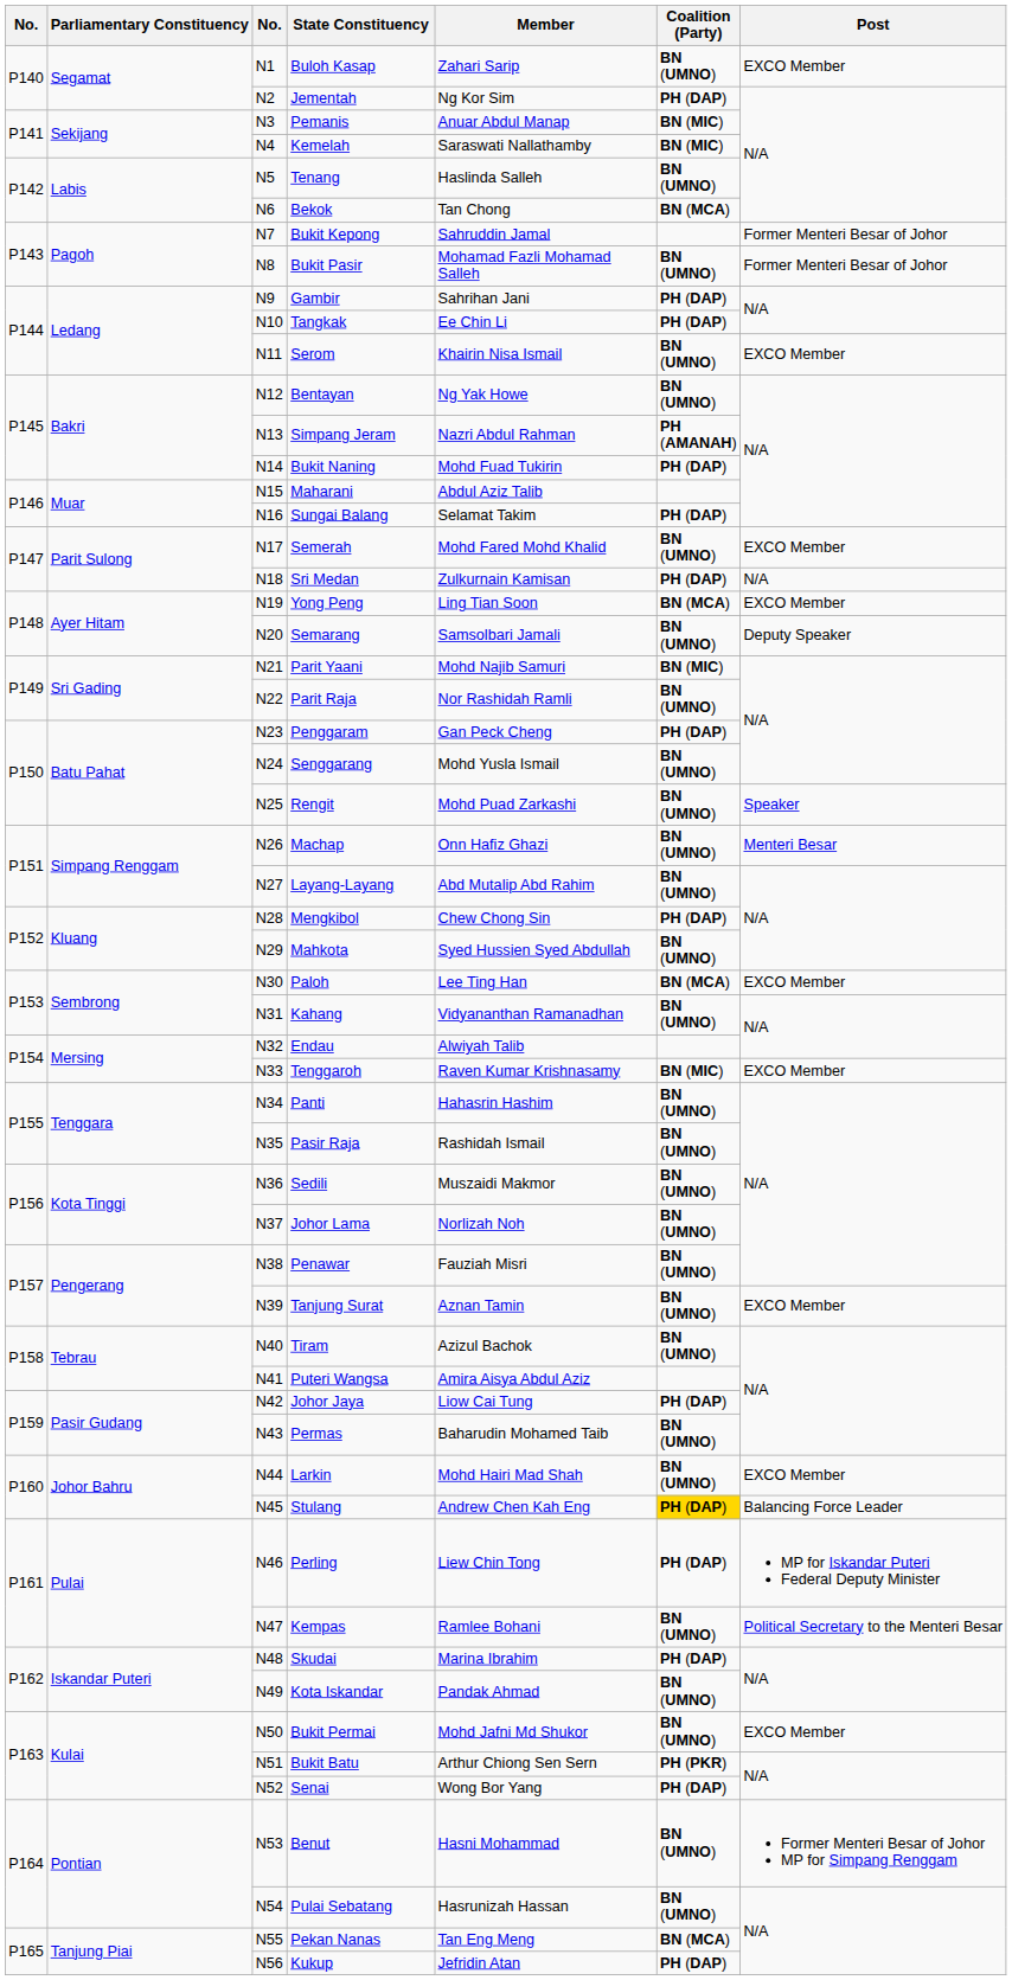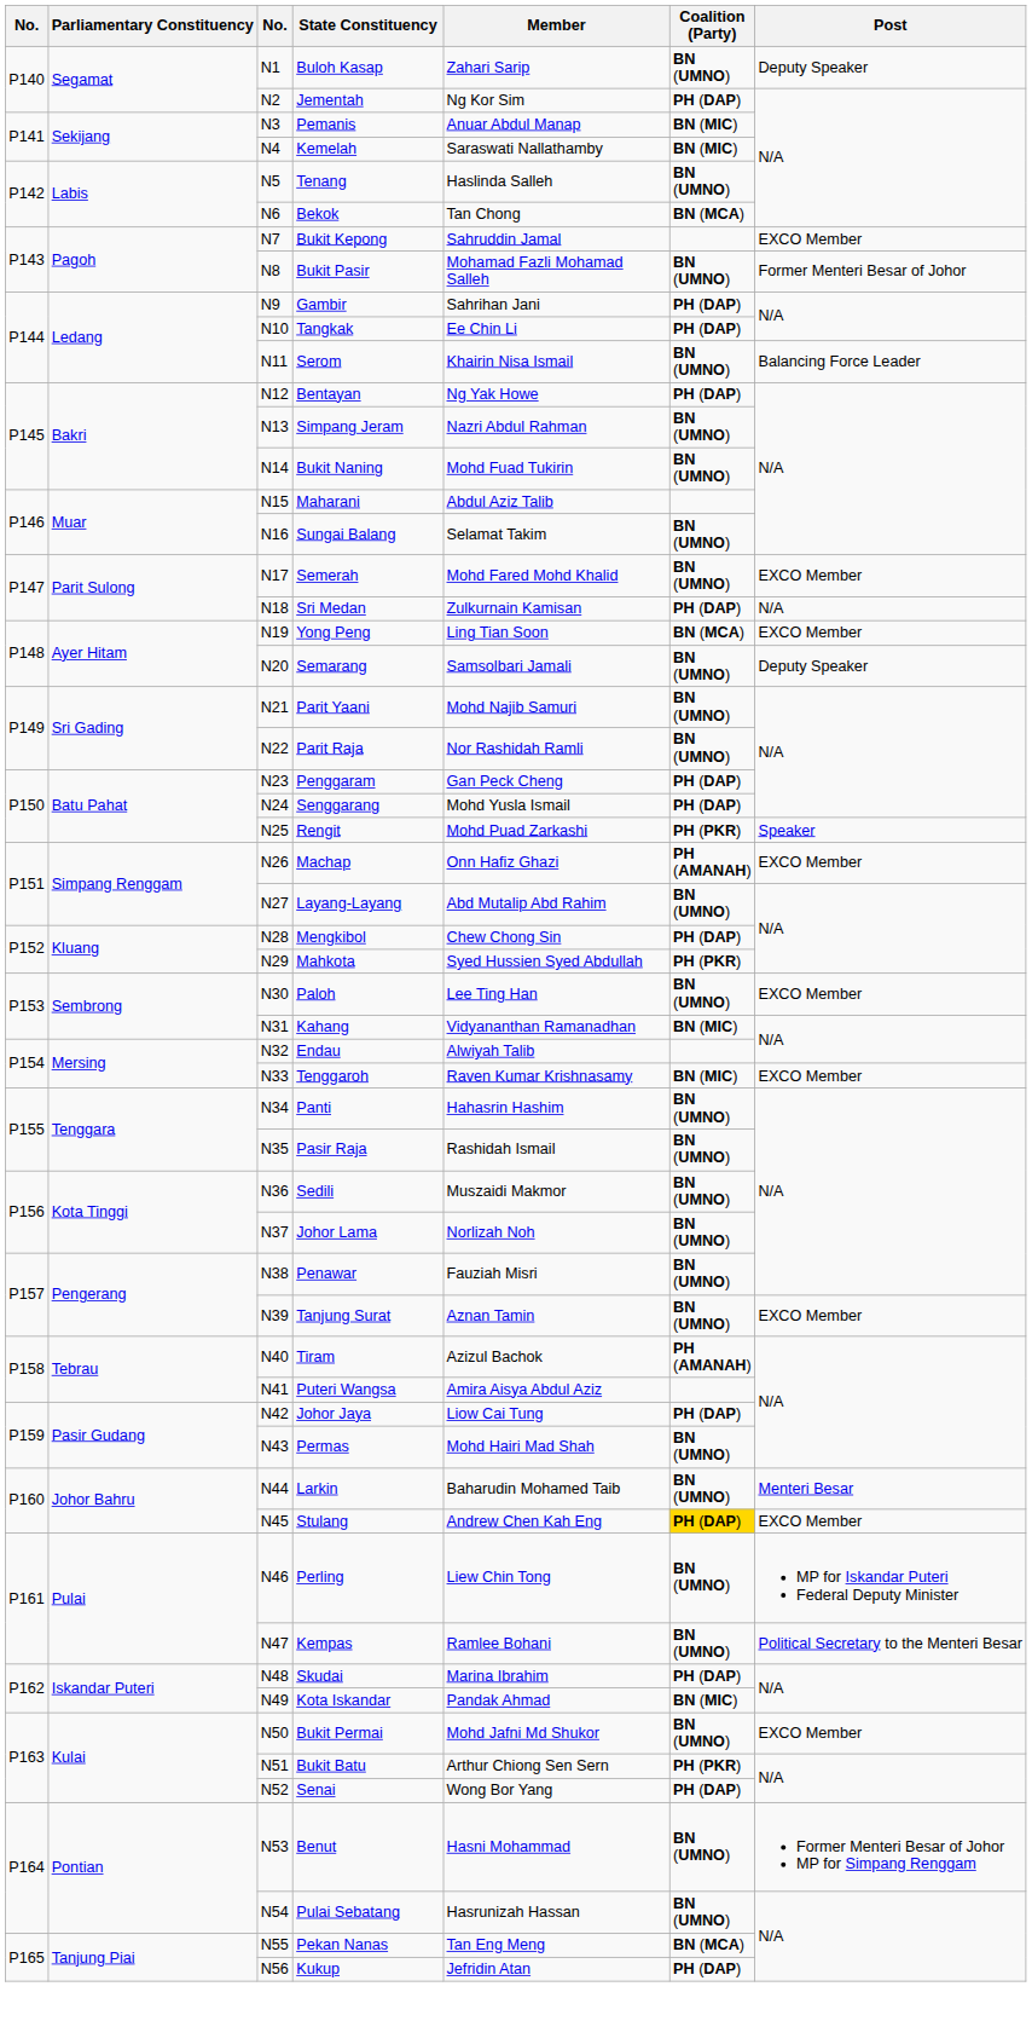 <table class="wikitable sortable">
 <tr>
 <th>No.</th>
 <th>Parliamentary Constituency</th>
 <th width="30">No.</th>
 <th width="150">State Constituency</th>
 <th width="230">Member</th>
 <th width="80">Coalition (Party)</th>
 <th>Post</th>
 </tr>
 <tr>
 <td rowspan="2">P140</td>
 <td rowspan="2"><a href='#'>Segamat</a></td>
 <td>N1</td>
 <td><a href='#'>Buloh Kasap</a></td>
 <td><a href='#'>Zahari Sarip</a></td>
 <td><strong>BN</strong> (<strong>UMNO</strong>)</td>
-<td>EXCO Member</td>
+<td>Deputy Speaker</td>
 </tr>
 <tr>
 <td>N2</td>
 <td><a href='#'>Jementah</a></td>
 <td>Ng Kor Sim</td>
 <td><strong>PH</strong> (<strong>DAP</strong>)</td>
 <td rowspan="5">N/A</td>
 </tr>
 <tr>
 <td rowspan="2">P141</td>
 <td rowspan="2"><a href='#'>Sekijang</a></td>
 <td>N3</td>
 <td><a href='#'>Pemanis</a></td>
 <td><a href='#'>Anuar Abdul Manap</a></td>
 <td><strong>BN</strong> (<strong>MIC</strong>)</td>
 </tr>
 <tr>
 <td>N4</td>
 <td><a href='#'>Kemelah</a></td>
 <td>Saraswati Nallathamby</td>
 <td><strong>BN</strong> (<strong>MIC</strong>)</td>
 </tr>
 <tr>
 <td rowspan="2">P142</td>
 <td rowspan="2"><a href='#'>Labis</a></td>
 <td>N5</td>
 <td><a href='#'>Tenang</a></td>
 <td>Haslinda Salleh</td>
 <td><strong>BN</strong> (<strong>UMNO</strong>)</td>
 </tr>
 <tr>
 <td>N6</td>
 <td><a href='#'>Bekok</a></td>
 <td>Tan Chong</td>
 <td><strong>BN</strong> (<strong>MCA</strong>)</td>
 </tr>
 <tr>
 <td rowspan="2">P143</td>
 <td rowspan="2"><a href='#'>Pagoh</a></td>
 <td>N7</td>
 <td><a href='#'>Bukit Kepong</a></td>
 <td><a href='#'>Sahruddin Jamal</a></td>
 <td></td>
-<td>Former Menteri Besar of Johor</td>
+<td>EXCO Member</td>
 </tr>
 <tr>
 <td>N8</td>
 <td><a href='#'>Bukit Pasir</a></td>
 <td><a href='#'>Mohamad Fazli Mohamad Salleh</a></td>
 <td><strong>BN</strong> (<strong>UMNO</strong>)</td>
 <td>Former Menteri Besar of Johor</td>
 </tr>
 <tr>
 <td rowspan="3">P144</td>
 <td rowspan="3"><a href='#'>Ledang</a></td>
 <td>N9</td>
 <td><a href='#'>Gambir</a></td>
 <td>Sahrihan Jani</td>
 <td><strong>PH</strong> (<strong>DAP</strong>)</td>
 <td rowspan="2">N/A</td>
 </tr>
 <tr>
 <td>N10</td>
 <td><a href='#'>Tangkak</a></td>
 <td><a href='#'>Ee Chin Li</a></td>
 <td><strong>PH</strong> (<strong>DAP</strong>)</td>
 </tr>
 <tr>
 <td>N11</td>
 <td><a href='#'>Serom</a></td>
 <td><a href='#'>Khairin Nisa Ismail</a></td>
 <td><strong>BN</strong> (<strong>UMNO</strong>)</td>
-<td>EXCO Member</td>
+<td>Balancing Force Leader</td>
 </tr>
 <tr>
 <td rowspan="3">P145</td>
 <td rowspan="3"><a href='#'>Bakri</a></td>
 <td>N12</td>
 <td><a href='#'>Bentayan</a></td>
 <td><a href='#'>Ng Yak Howe</a></td>
-<td><strong>BN</strong> (<strong>UMNO</strong>)</td>
+<td><strong>PH</strong> (<strong>DAP</strong>)</td>
 <td rowspan="5">N/A</td>
 </tr>
 <tr>
 <td>N13</td>
 <td><a href='#'>Simpang Jeram</a></td>
 <td><a href='#'>Nazri Abdul Rahman</a></td>
-<td><strong>PH</strong> (<strong>AMANAH</strong>)</td>
+<td><strong>BN</strong> (<strong>UMNO</strong>)</td>
 </tr>
 <tr>
 <td>N14</td>
 <td><a href='#'>Bukit Naning</a></td>
 <td><a href='#'>Mohd Fuad Tukirin</a></td>
-<td><strong>PH</strong> (<strong>DAP</strong>)</td>
+<td><strong>BN</strong> (<strong>UMNO</strong>)</td>
 </tr>
 <tr>
 <td rowspan="2">P146</td>
 <td rowspan="2"><a href='#'>Muar</a></td>
 <td>N15</td>
 <td><a href='#'>Maharani</a></td>
 <td><a href='#'>Abdul Aziz Talib</a></td>
 <td></td>
 </tr>
 <tr>
 <td>N16</td>
 <td><a href='#'>Sungai Balang</a></td>
 <td>Selamat Takim</td>
-<td><strong>PH</strong> (<strong>DAP</strong>)</td>
+<td><strong>BN</strong> (<strong>UMNO</strong>)</td>
 </tr>
 <tr>
 <td rowspan="2">P147</td>
 <td rowspan="2"><a href='#'>Parit Sulong</a></td>
 <td>N17</td>
 <td><a href='#'>Semerah</a></td>
 <td><a href='#'>Mohd Fared Mohd Khalid</a></td>
 <td><strong>BN</strong> (<strong>UMNO</strong>)</td>
 <td>EXCO Member</td>
 </tr>
 <tr>
 <td>N18</td>
 <td><a href='#'>Sri Medan</a></td>
 <td><a href='#'>Zulkurnain Kamisan</a></td>
 <td><strong>PH</strong> (<strong>DAP</strong>)</td>
 <td>N/A</td>
 </tr>
 <tr>
 <td rowspan="2">P148</td>
 <td rowspan="2"><a href='#'>Ayer Hitam</a></td>
 <td>N19</td>
 <td><a href='#'>Yong Peng</a></td>
 <td><a href='#'>Ling Tian Soon</a></td>
 <td><strong>BN</strong> (<strong>MCA</strong>)</td>
 <td>EXCO Member</td>
 </tr>
 <tr>
 <td>N20</td>
 <td><a href='#'>Semarang</a></td>
 <td><a href='#'>Samsolbari Jamali</a></td>
 <td><strong>BN</strong> (<strong>UMNO</strong>)</td>
 <td>Deputy Speaker</td>
 </tr>
 <tr>
 <td rowspan="2">P149</td>
 <td rowspan="2"><a href='#'>Sri Gading</a></td>
 <td>N21</td>
 <td><a href='#'>Parit Yaani</a></td>
 <td><a href='#'>Mohd Najib Samuri</a></td>
-<td><strong>BN</strong> (<strong>MIC</strong>)</td>
+<td><strong>BN</strong> (<strong>UMNO</strong>)</td>
 <td rowspan="4">N/A</td>
 </tr>
 <tr>
 <td>N22</td>
 <td><a href='#'>Parit Raja</a></td>
 <td><a href='#'>Nor Rashidah Ramli</a></td>
 <td><strong>BN</strong> (<strong>UMNO</strong>)</td>
 </tr>
 <tr>
 <td rowspan="3">P150</td>
 <td rowspan="3"><a href='#'>Batu Pahat</a></td>
 <td>N23</td>
 <td><a href='#'>Penggaram</a></td>
 <td><a href='#'>Gan Peck Cheng</a></td>
 <td><strong>PH</strong> (<strong>DAP</strong>)</td>
 </tr>
 <tr>
 <td>N24</td>
 <td><a href='#'>Senggarang</a></td>
 <td>Mohd Yusla Ismail</td>
-<td><strong>BN</strong> (<strong>UMNO</strong>)</td>
+<td><strong>PH</strong> (<strong>DAP</strong>)</td>
 </tr>
 <tr>
 <td>N25</td>
 <td><a href='#'>Rengit</a></td>
 <td><a href='#'>Mohd Puad Zarkashi</a></td>
-<td><strong>BN</strong> (<strong>UMNO</strong>)</td>
+<td><strong>PH</strong> (<strong>PKR</strong>)</td>
 <td><a href='#'>Speaker</a></td>
 </tr>
 <tr>
 <td rowspan="2">P151</td>
 <td rowspan="2"><a href='#'>Simpang Renggam</a></td>
 <td>N26</td>
 <td><a href='#'>Machap</a></td>
 <td><a href='#'>Onn Hafiz Ghazi</a></td>
-<td><strong>BN</strong> (<strong>UMNO</strong>)</td>
-<td><a href='#'>Menteri Besar</a></td>
+<td><strong>PH</strong> (<strong>AMANAH</strong>)</td>
+<td>EXCO Member</td>
 </tr>
 <tr>
 <td>N27</td>
 <td><a href='#'>Layang-Layang</a></td>
 <td><a href='#'>Abd Mutalip Abd Rahim</a></td>
 <td><strong>BN</strong> (<strong>UMNO</strong>)</td>
 <td rowspan="3">N/A</td>
 </tr>
 <tr>
 <td rowspan="2">P152</td>
 <td rowspan="2"><a href='#'>Kluang</a></td>
 <td>N28</td>
 <td><a href='#'>Mengkibol</a></td>
 <td><a href='#'>Chew Chong Sin</a></td>
 <td><strong>PH</strong> (<strong>DAP</strong>)</td>
 </tr>
 <tr>
 <td>N29</td>
 <td><a href='#'>Mahkota</a></td>
 <td><a href='#'>Syed Hussien Syed Abdullah</a></td>
-<td><strong>BN</strong> (<strong>UMNO</strong>)</td>
+<td><strong>PH</strong> (<strong>PKR</strong>)</td>
 </tr>
 <tr>
 <td rowspan="2">P153</td>
 <td rowspan="2"><a href='#'>Sembrong</a></td>
 <td>N30</td>
 <td><a href='#'>Paloh</a></td>
 <td><a href='#'>Lee Ting Han</a></td>
-<td><strong>BN</strong> (<strong>MCA</strong>)</td>
+<td><strong>BN</strong> (<strong>UMNO</strong>)</td>
 <td>EXCO Member</td>
 </tr>
 <tr>
 <td>N31</td>
 <td><a href='#'>Kahang</a></td>
 <td><a href='#'>Vidyananthan Ramanadhan</a></td>
-<td><strong>BN</strong> (<strong>UMNO</strong>)</td>
+<td><strong>BN</strong> (<strong>MIC</strong>)</td>
 <td rowspan="2">N/A</td>
 </tr>
 <tr>
 <td rowspan="2">P154</td>
 <td rowspan="2"><a href='#'>Mersing</a></td>
 <td>N32</td>
 <td><a href='#'>Endau</a></td>
 <td><a href='#'>Alwiyah Talib</a></td>
 <td></td>
 </tr>
 <tr>
 <td>N33</td>
 <td><a href='#'>Tenggaroh</a></td>
 <td><a href='#'>Raven Kumar Krishnasamy</a></td>
 <td><strong>BN</strong> (<strong>MIC</strong>)</td>
 <td>EXCO Member</td>
 </tr>
 <tr>
 <td rowspan="2">P155</td>
 <td rowspan="2"><a href='#'>Tenggara</a></td>
 <td>N34</td>
 <td><a href='#'>Panti</a></td>
 <td><a href='#'>Hahasrin Hashim</a></td>
 <td><strong>BN</strong> (<strong>UMNO</strong>)</td>
 <td rowspan="5">N/A</td>
 </tr>
 <tr>
 <td>N35</td>
 <td><a href='#'>Pasir Raja</a></td>
 <td>Rashidah Ismail</td>
 <td><strong>BN</strong> (<strong>UMNO</strong>)</td>
 </tr>
 <tr>
 <td rowspan="2">P156</td>
 <td rowspan="2"><a href='#'>Kota Tinggi</a></td>
 <td>N36</td>
 <td><a href='#'>Sedili</a></td>
 <td>Muszaidi Makmor</td>
 <td><strong>BN</strong> (<strong>UMNO</strong>)</td>
 </tr>
 <tr>
 <td>N37</td>
 <td><a href='#'>Johor Lama</a></td>
 <td><a href='#'>Norlizah Noh</a></td>
 <td><strong>BN</strong> (<strong>UMNO</strong>)</td>
 </tr>
 <tr>
 <td rowspan="2">P157</td>
 <td rowspan="2"><a href='#'>Pengerang</a></td>
 <td>N38</td>
 <td><a href='#'>Penawar</a></td>
 <td>Fauziah Misri</td>
 <td><strong>BN</strong> (<strong>UMNO</strong>)</td>
 </tr>
 <tr>
 <td>N39</td>
 <td><a href='#'>Tanjung Surat</a></td>
 <td><a href='#'>Aznan Tamin</a></td>
 <td><strong>BN</strong> (<strong>UMNO</strong>)</td>
 <td>EXCO Member</td>
 </tr>
 <tr>
 <td rowspan="2">P158</td>
 <td rowspan="2"><a href='#'>Tebrau</a></td>
 <td>N40</td>
 <td><a href='#'>Tiram</a></td>
 <td>Azizul Bachok</td>
-<td><strong>BN</strong> (<strong>UMNO</strong>)</td>
+<td><strong>PH</strong> (<strong>AMANAH</strong>)</td>
 <td rowspan="4">N/A</td>
 </tr>
 <tr>
 <td>N41</td>
 <td><a href='#'>Puteri Wangsa</a></td>
 <td><a href='#'>Amira Aisya Abdul Aziz</a></td>
 <td></td>
 </tr>
 <tr>
 <td rowspan="2">P159</td>
 <td rowspan="2"><a href='#'>Pasir Gudang</a></td>
 <td>N42</td>
 <td><a href='#'>Johor Jaya</a></td>
 <td><a href='#'>Liow Cai Tung</a></td>
 <td><strong>PH</strong> (<strong>DAP</strong>)</td>
 </tr>
 <tr>
 <td>N43</td>
 <td><a href='#'>Permas</a></td>
-<td>Baharudin Mohamed Taib</td>
+<td><a href='#'>Mohd Hairi Mad Shah</a></td>
 <td><strong>BN</strong> (<strong>UMNO</strong>)</td>
 </tr>
 <tr>
 <td rowspan="2">P160</td>
 <td rowspan="2"><a href='#'>Johor Bahru</a></td>
 <td>N44</td>
 <td><a href='#'>Larkin</a></td>
-<td><a href='#'>Mohd Hairi Mad Shah</a></td>
+<td>Baharudin Mohamed Taib</td>
 <td><strong>BN</strong> (<strong>UMNO</strong>)</td>
-<td>EXCO Member</td>
+<td><a href='#'>Menteri Besar</a></td>
 </tr>
 <tr>
 <td>N45</td>
 <td><a href='#'>Stulang</a></td>
 <td><a href='#'>Andrew Chen Kah Eng</a></td>
 <td style="background: gold;"><strong>PH</strong> (<strong>DAP</strong>)</td>
-<td>Balancing Force Leader</td>
+<td>EXCO Member</td>
 </tr>
 <tr>
 <td rowspan="2">P161</td>
 <td rowspan="2"><a href='#'>Pulai</a></td>
 <td>N46</td>
 <td><a href='#'>Perling</a></td>
 <td><a href='#'>Liew Chin Tong</a></td>
-<td><strong>PH</strong> (<strong>DAP</strong>)</td>
+<td><strong>BN</strong> (<strong>UMNO</strong>)</td>
 <td><br><ul><li>MP for <a href='#'>Iskandar Puteri</a></li><li>Federal Deputy Minister</li></ul></td>
 </tr>
 <tr>
 <td>N47</td>
 <td><a href='#'>Kempas</a></td>
 <td><a href='#'>Ramlee Bohani</a></td>
 <td><strong>BN</strong> (<strong>UMNO</strong>)</td>
 <td><a href='#'>Political Secretary</a> to the Menteri Besar</td>
 </tr>
 <tr>
 <td rowspan="2">P162</td>
 <td rowspan="2"><a href='#'>Iskandar Puteri</a></td>
 <td>N48</td>
 <td><a href='#'>Skudai</a></td>
 <td><a href='#'>Marina Ibrahim</a></td>
 <td><strong>PH</strong> (<strong>DAP</strong>)</td>
 <td rowspan="2">N/A</td>
 </tr>
 <tr>
 <td>N49</td>
 <td><a href='#'>Kota Iskandar</a></td>
 <td><a href='#'>Pandak Ahmad</a></td>
-<td><strong>BN</strong> (<strong>UMNO</strong>)</td>
+<td><strong>BN</strong> (<strong>MIC</strong>)</td>
 </tr>
 <tr>
 <td rowspan="3">P163</td>
 <td rowspan="3"><a href='#'>Kulai</a></td>
 <td>N50</td>
 <td><a href='#'>Bukit Permai</a></td>
 <td><a href='#'>Mohd Jafni Md Shukor</a></td>
 <td><strong>BN</strong> (<strong>UMNO</strong>)</td>
 <td>EXCO Member</td>
 </tr>
 <tr>
 <td>N51</td>
 <td><a href='#'>Bukit Batu</a></td>
 <td>Arthur Chiong Sen Sern</td>
 <td><strong>PH</strong> (<strong>PKR</strong>)</td>
 <td rowspan="2">N/A</td>
 </tr>
 <tr>
 <td>N52</td>
 <td><a href='#'>Senai</a></td>
 <td>Wong Bor Yang</td>
 <td><strong>PH</strong> (<strong>DAP</strong>)</td>
 </tr>
 <tr>
 <td rowspan="2">P164</td>
 <td rowspan="2"><a href='#'>Pontian</a></td>
 <td>N53</td>
 <td><a href='#'>Benut</a></td>
 <td><a href='#'>Hasni Mohammad</a></td>
 <td><strong>BN</strong> (<strong>UMNO</strong>)</td>
 <td><br><ul><li>Former Menteri Besar of Johor</li><li>MP for <a href='#'>Simpang Renggam</a></li></ul></td>
 </tr>
 <tr>
 <td>N54</td>
 <td><a href='#'>Pulai Sebatang</a></td>
 <td>Hasrunizah Hassan</td>
 <td><strong>BN</strong> (<strong>UMNO</strong>)</td>
 <td rowspan="3">N/A</td>
 </tr>
 <tr>
 <td rowspan="2">P165</td>
 <td rowspan="2"><a href='#'>Tanjung Piai</a></td>
 <td>N55</td>
 <td><a href='#'>Pekan Nanas</a></td>
 <td><a href='#'>Tan Eng Meng</a></td>
 <td><strong>BN</strong> (<strong>MCA</strong>)</td>
 </tr>
 <tr>
 <td>N56</td>
 <td><a href='#'>Kukup</a></td>
 <td><a href='#'>Jefridin Atan</a></td>
 <td><strong>PH</strong> (<strong>DAP</strong>)</td>
 </tr>
 </table>
